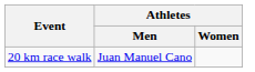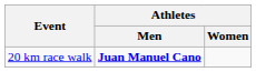 <table class=wikitable style="font-size:90%">
 <tr>
 <th rowspan=2>Event</th>
 <th colspan=2>Athletes</th>
 </tr>
 <tr>
 <th>Men</th>
 <th>Women</th>
 </tr>
 <tr>
 <td><a href='#'>20 km race walk</a></td>
-<td><a href='#'>Juan Manuel Cano</a></td>
+<td><strong><a href='#'>Juan Manuel Cano</a></strong></td>
 <td></td>
 </tr>
 </table>
